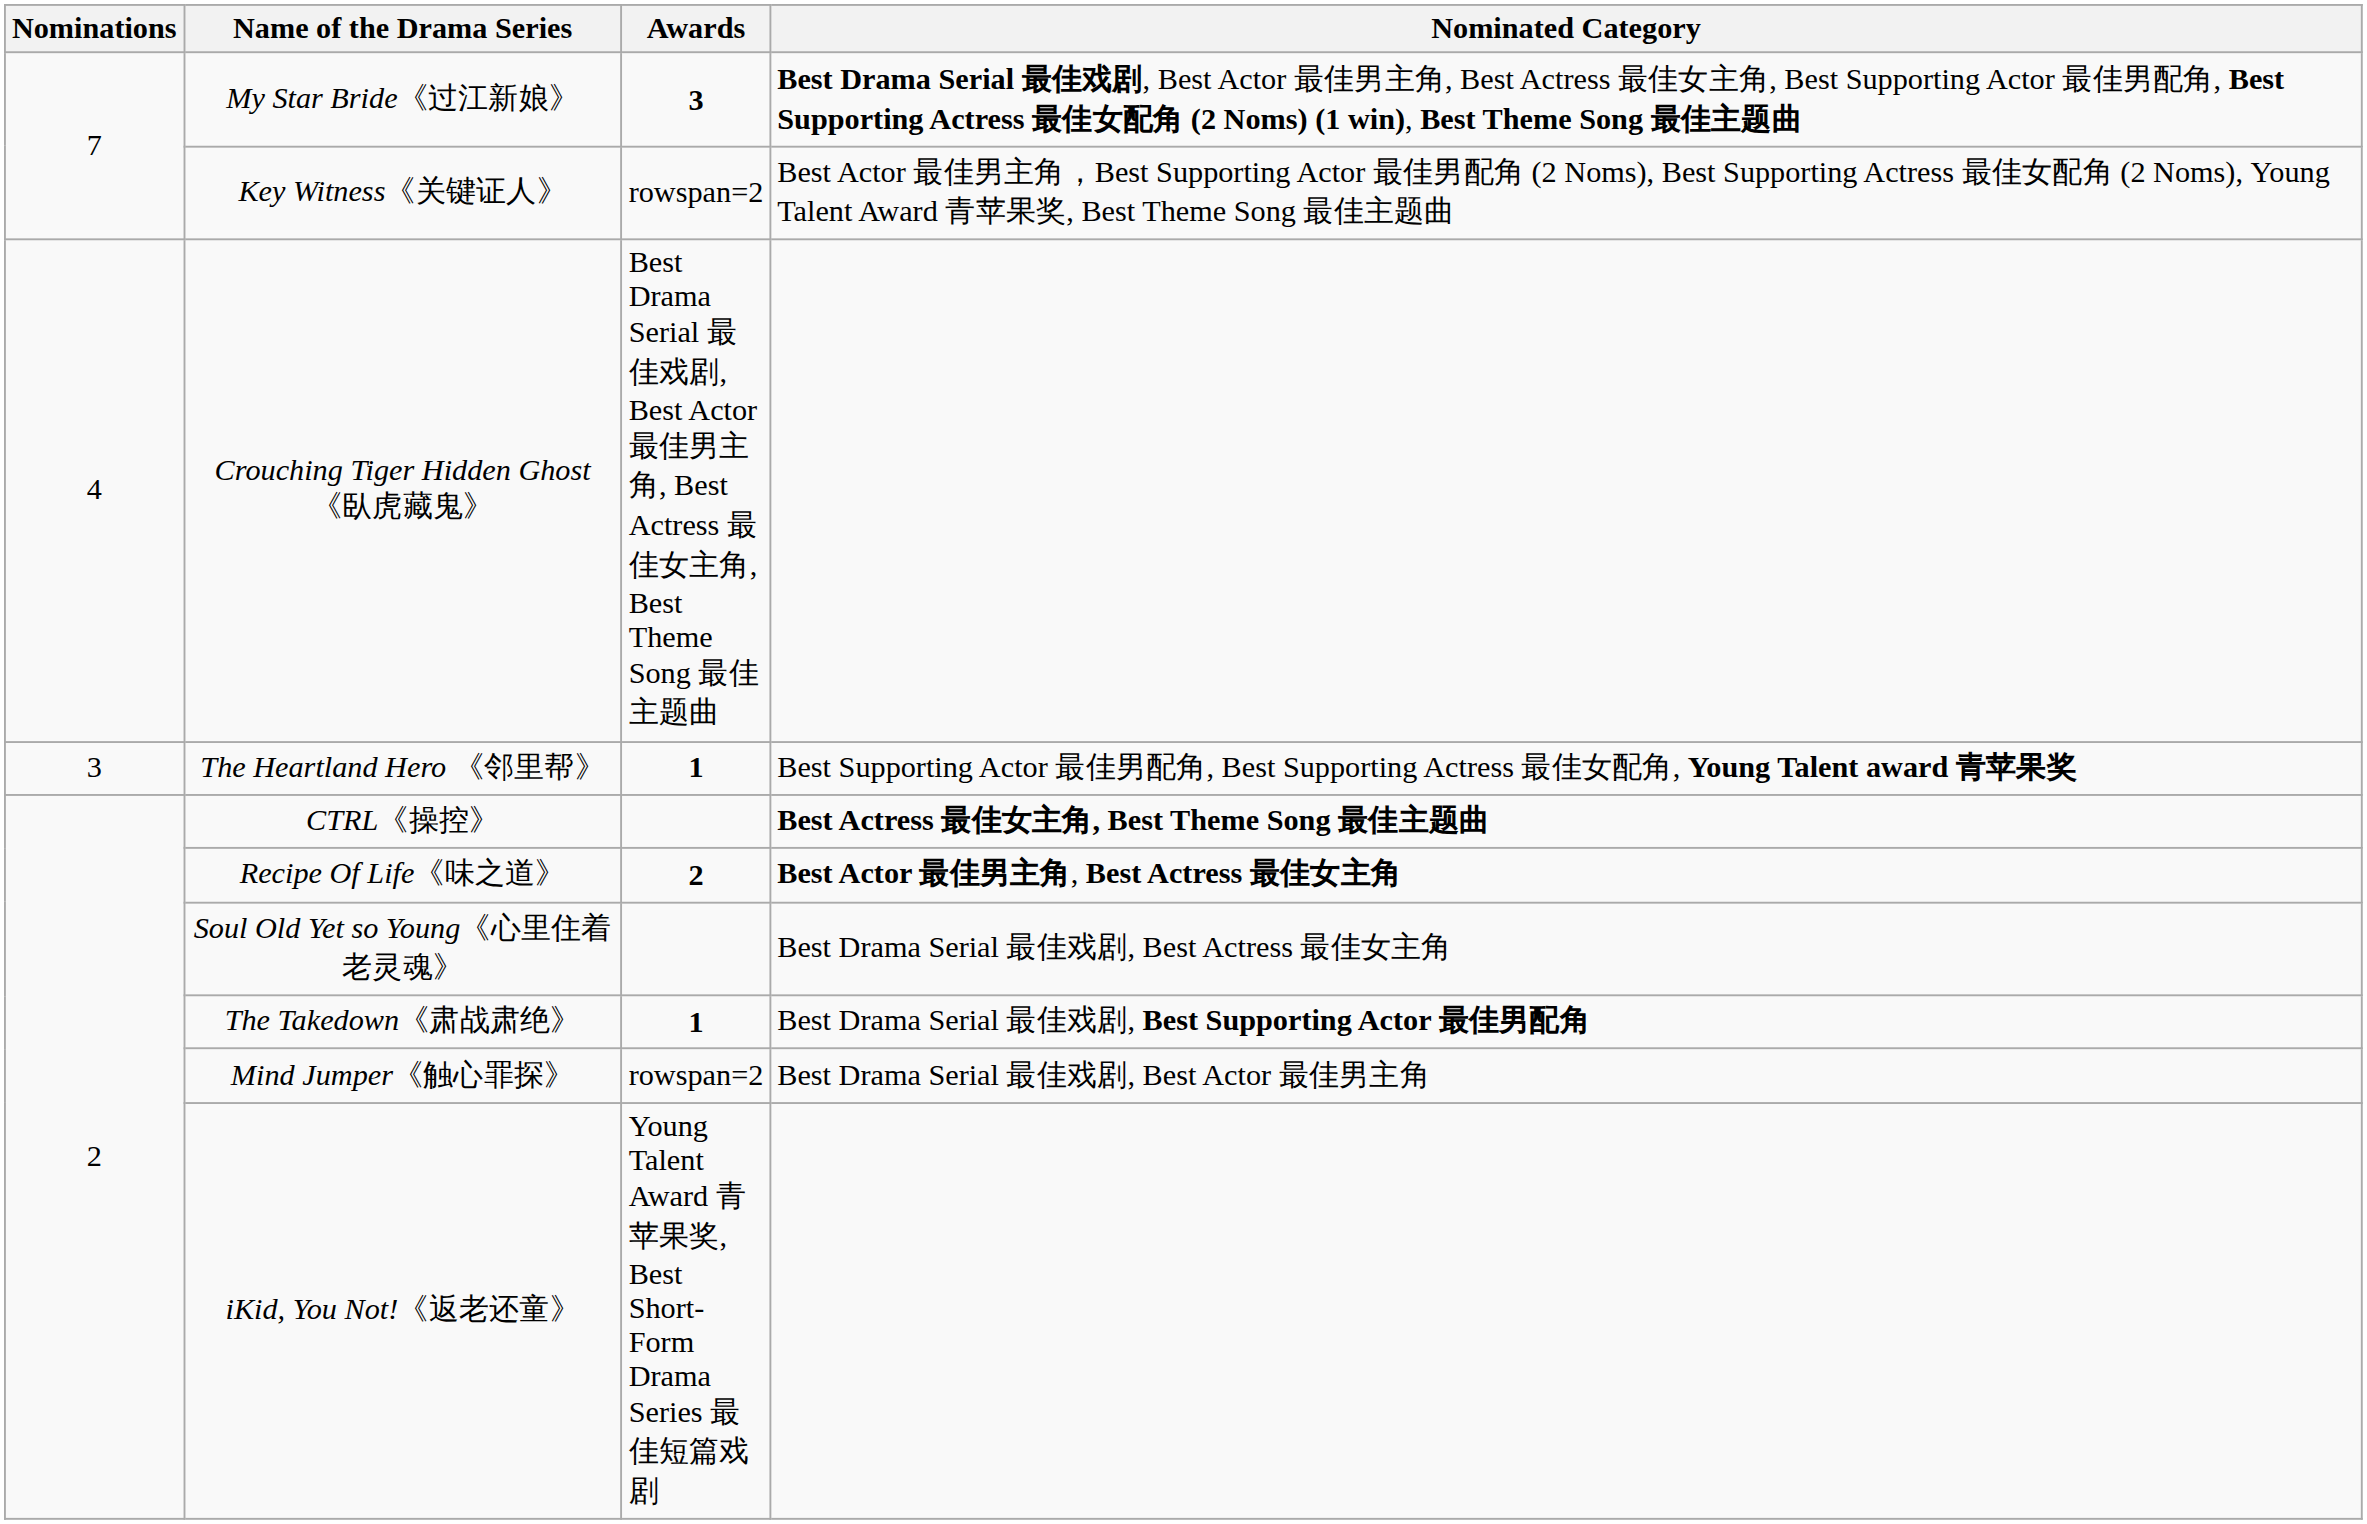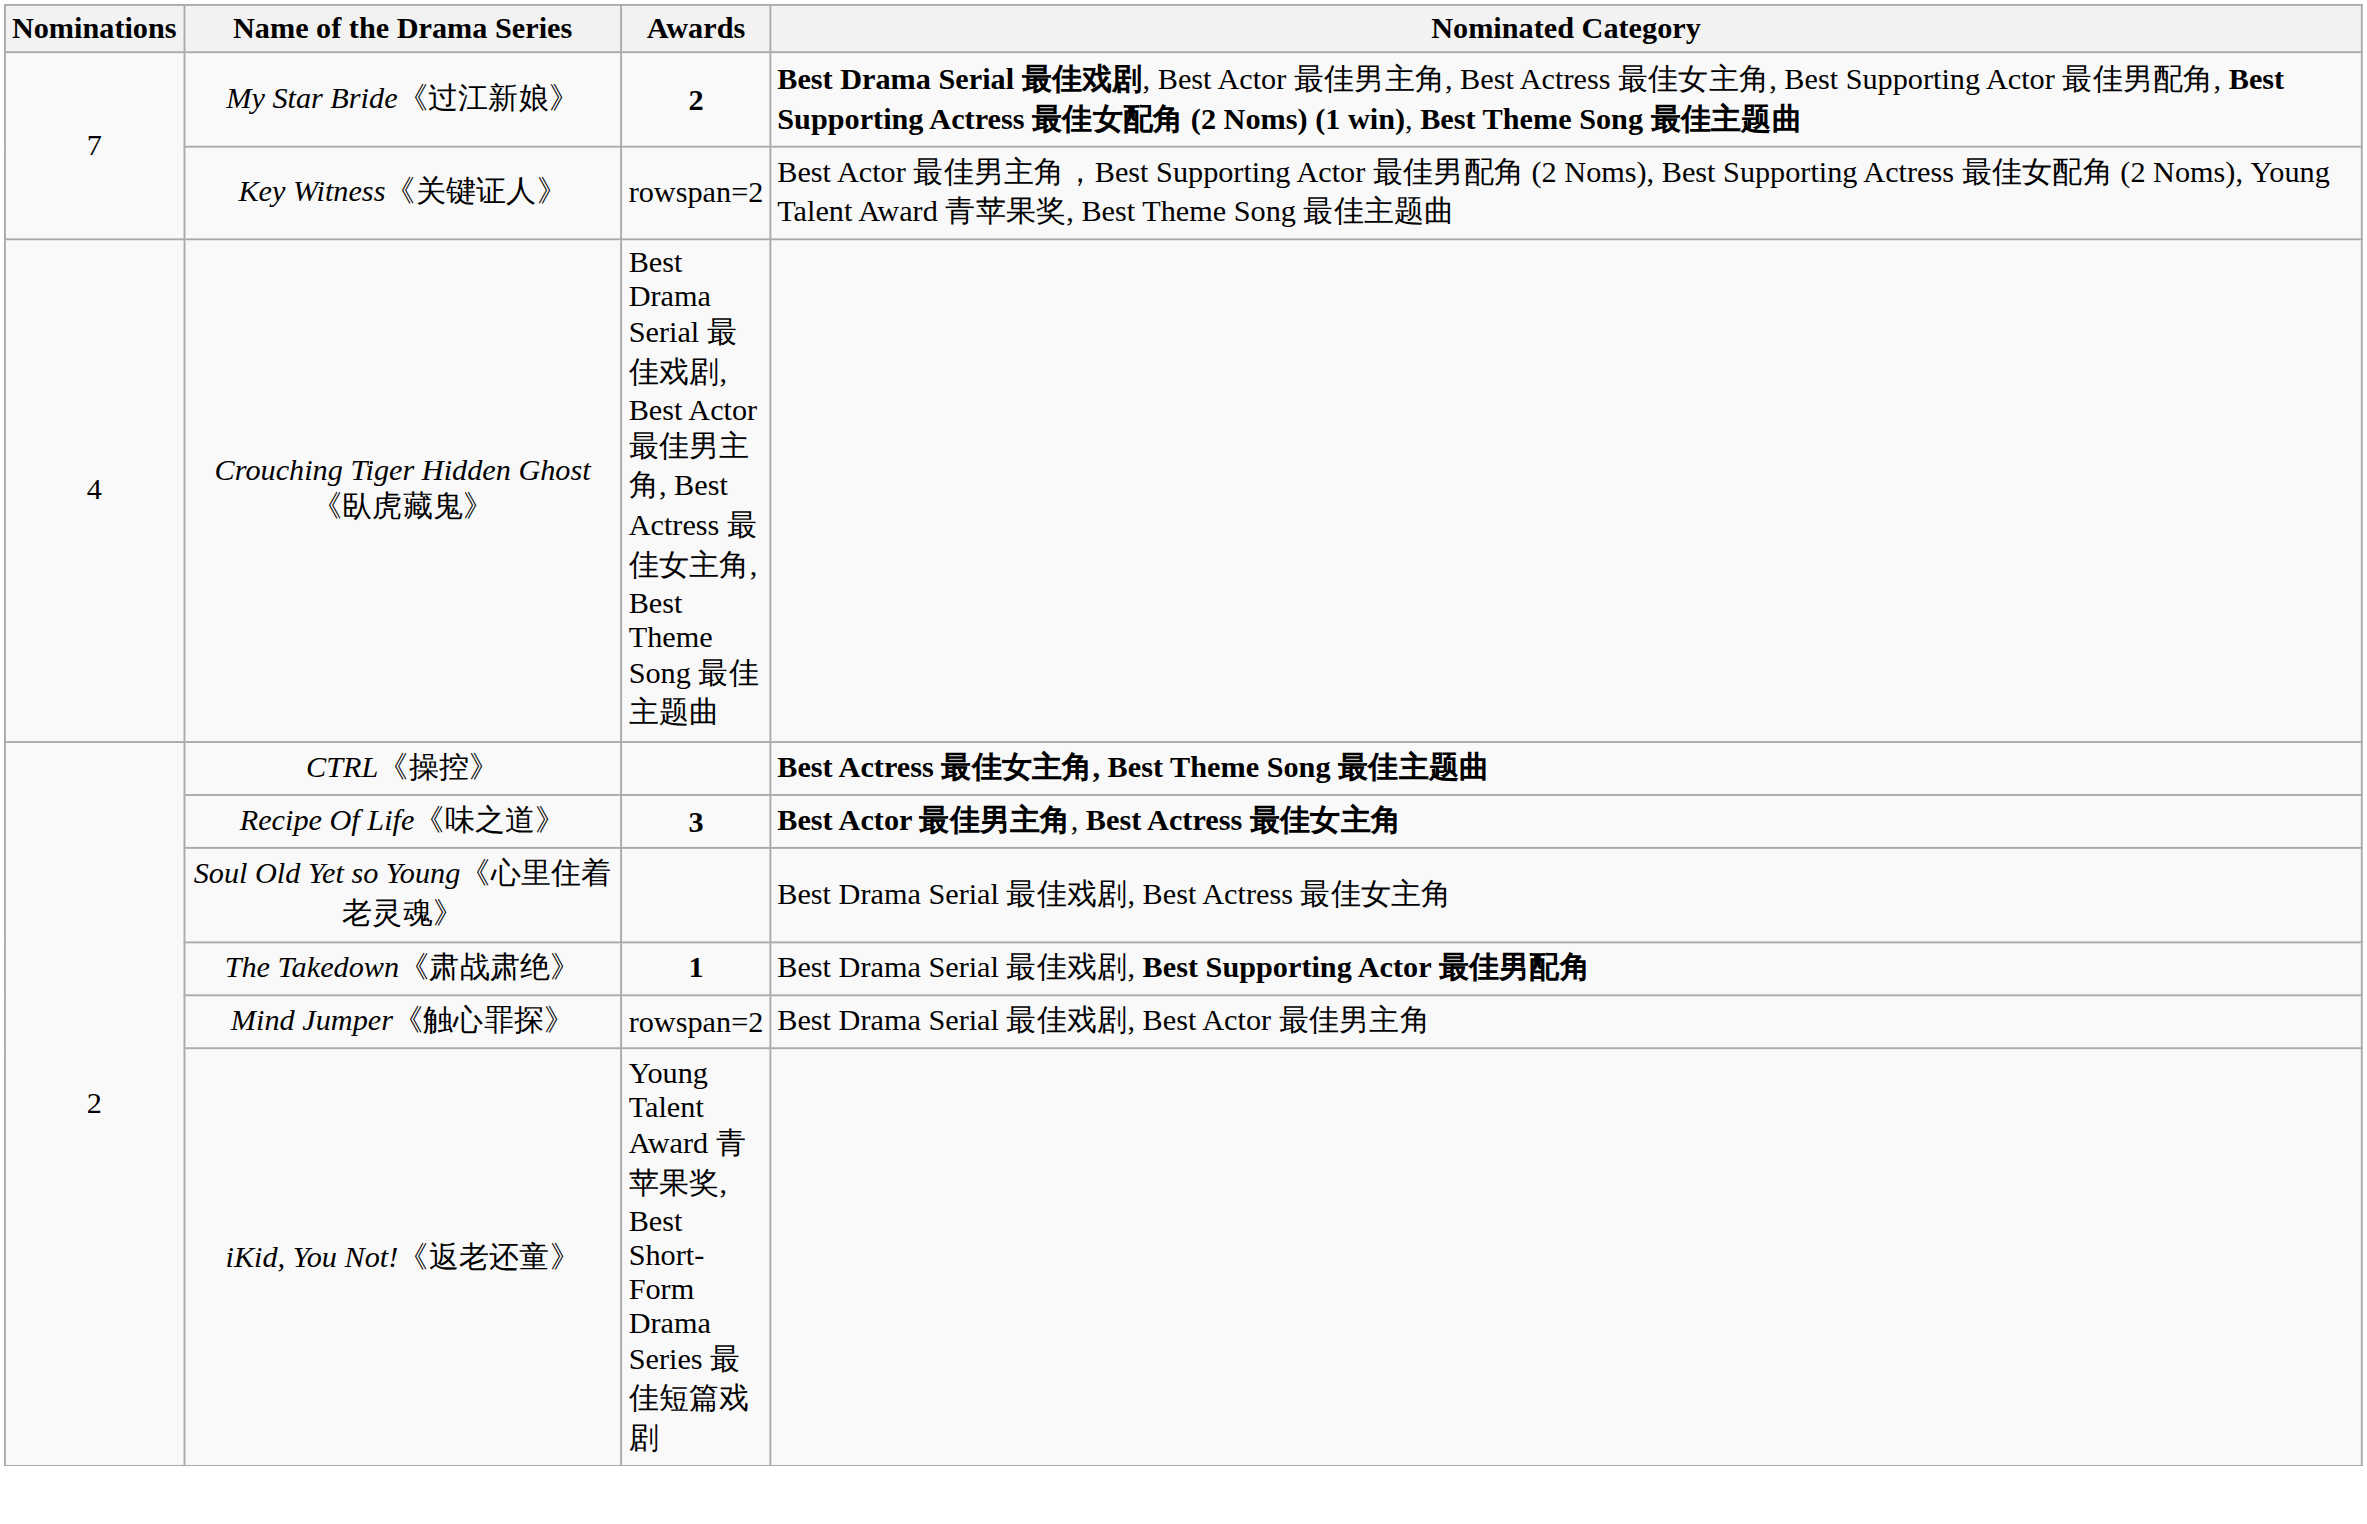 <table class="wikitable" style="text-align:center;"background: #FFC433;>
 <tr Drama Series which received multiple nominations>
 <th scope="col" width="40">Nominations</th>
 <th scope="col" width="300">Name of the Drama Series</th>
 <th scope="col" width="40">Awards</th>
 <th scope="col" width="1200">Nominated Category</th>
 </tr>
 <tr>
 <td rowspan=2 style="text-align:center">7</td>
 <td><em>My Star Bride</em>《过江新娘》</td>
-<td style="text-align:center"><strong>3</strong></td>
+<td style="text-align:center"><strong> 2</strong></td>
 <td align=left><strong>Best Drama Serial 最佳戏剧</strong>, Best Actor 最佳男主角, Best Actress 最佳女主角, Best Supporting Actor 最佳男配角,  <strong>Best Supporting Actress 最佳女配角 (2 Noms) (1 win)</strong>, <strong>Best Theme Song 最佳主题曲</strong></td>
 </tr>
 <tr>
 <td><em>Key Witness</em>《关键证人》</td>
 <td>rowspan=2  </td>
 <td align=left>Best Actor 最佳男主角，Best Supporting Actor 最佳男配角 (2 Noms), Best Supporting Actress 最佳女配角 (2 Noms), Young Talent Award 青苹果奖, Best Theme Song 最佳主题曲</td>
 </tr>
 <tr>
 <td>4</td>
 <td><em>Crouching Tiger Hidden Ghost</em> 《臥虎藏鬼》</td>
 <td align=left>Best Drama Serial 最佳戏剧, Best Actor 最佳男主角, Best Actress 最佳女主角, Best Theme Song 最佳主题曲</td>
 </tr>
 <tr>
-<td>3</td>
-<td><em>The Heartland Hero</em> 《邻里帮》</td>
-<td style="text-align:center"><strong> 1</strong></td>
-<td align=left>Best Supporting Actor 最佳男配角,  Best Supporting Actress 最佳女配角, <strong>Young Talent award 青苹果奖</strong></td>
-</tr>
-<tr>
 <td rowspan=6 style="text-align:center">2</td>
 <td><em>CTRL</em>《操控》</td>
 <td></td>
 <td align=left><strong>Best Actress 最佳女主角, Best Theme Song 最佳主题曲</strong></td>
 </tr>
 <tr>
 <td><em>Recipe Of Life</em>《味之道》</td>
-<td style="text-align:center"><strong> 2</strong></td>
+<td style="text-align:center"><strong>3</strong></td>
 <td align=left><strong>Best Actor 最佳男主角</strong>, <strong>Best Actress 最佳女主角</strong></td>
 </tr>
 <tr>
 <td><em>Soul Old Yet so Young</em>《心里住着老灵魂》</td>
 <td></td>
 <td align=left>Best Drama Serial 最佳戏剧, Best Actress 最佳女主角</td>
 </tr>
 <tr>
 <td><em>The Takedown</em>《肃战肃绝》</td>
 <td style="text-align:center"><strong>1</strong></td>
 <td align=left>Best Drama Serial 最佳戏剧, <strong> Best Supporting Actor 最佳男配角</strong></td>
 </tr>
 <tr>
 <td><em>Mind Jumper</em>《触心罪探》</td>
 <td>rowspan=2 </td>
 <td align=left>Best Drama Serial 最佳戏剧, Best Actor 最佳男主角</td>
 </tr>
 <tr>
 <td><em>iKid, You Not!</em>《返老还童》</td>
 <td align=left>Young Talent Award 青苹果奖, Best Short-Form Drama Series 最佳短篇戏剧</td>
 </tr>
 </table>
